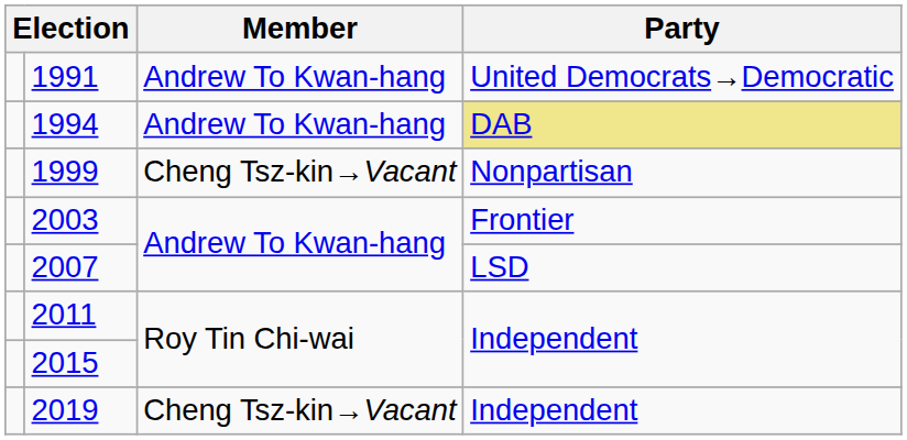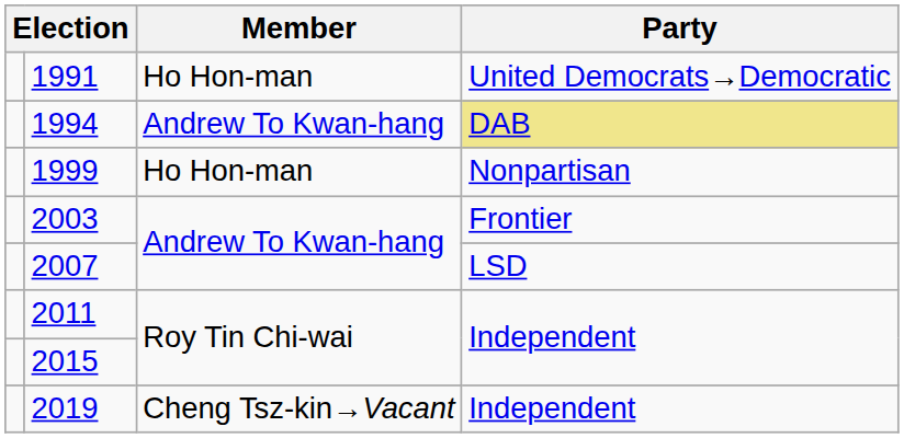 <table class="wikitable">
 <tr>
 <th colspan="2">Election</th>
 <th>Member</th>
 <th>Party</th>
 </tr>
 <tr>
 <td style="background-color: "></td>
 <td><a href='#'>1991</a></td>
-<td><a href='#'>Andrew To Kwan-hang</a></td>
+<td>Ho Hon-man</td>
 <td><a href='#'>United Democrats</a>→<a href='#'>Democratic</a></td>
 </tr>
 <tr>
 <td style="background-color: "></td>
 <td><a href='#'>1994</a></td>
 <td><a href='#'>Andrew To Kwan-hang</a></td>
 <td style="background: khaki;"><a href='#'>DAB</a></td>
 </tr>
 <tr>
 <td style="background-color: "></td>
 <td><a href='#'>1999</a></td>
-<td>Cheng Tsz-kin→<em>Vacant</em></td>
+<td>Ho Hon-man</td>
 <td><a href='#'>Nonpartisan</a></td>
 </tr>
 <tr>
 <td style="background-color: "></td>
 <td><a href='#'>2003</a></td>
 <td rowspan=2><a href='#'>Andrew To Kwan-hang</a></td>
 <td><a href='#'>Frontier</a></td>
 </tr>
 <tr>
 <td style="background-color: "></td>
 <td><a href='#'>2007</a></td>
 <td><a href='#'>LSD</a></td>
 </tr>
 <tr>
 <td style="background-color: "></td>
 <td><a href='#'>2011</a></td>
 <td rowspan=2>Roy Tin Chi-wai</td>
 <td rowspan=2><a href='#'>Independent</a></td>
 </tr>
 <tr>
 <td style="background-color: "></td>
 <td><a href='#'>2015</a></td>
 </tr>
 <tr>
 <td style="background-color: "></td>
 <td><a href='#'>2019</a></td>
 <td>Cheng Tsz-kin→<em>Vacant</em></td>
 <td><a href='#'>Independent</a></td>
 </tr>
 </table>
